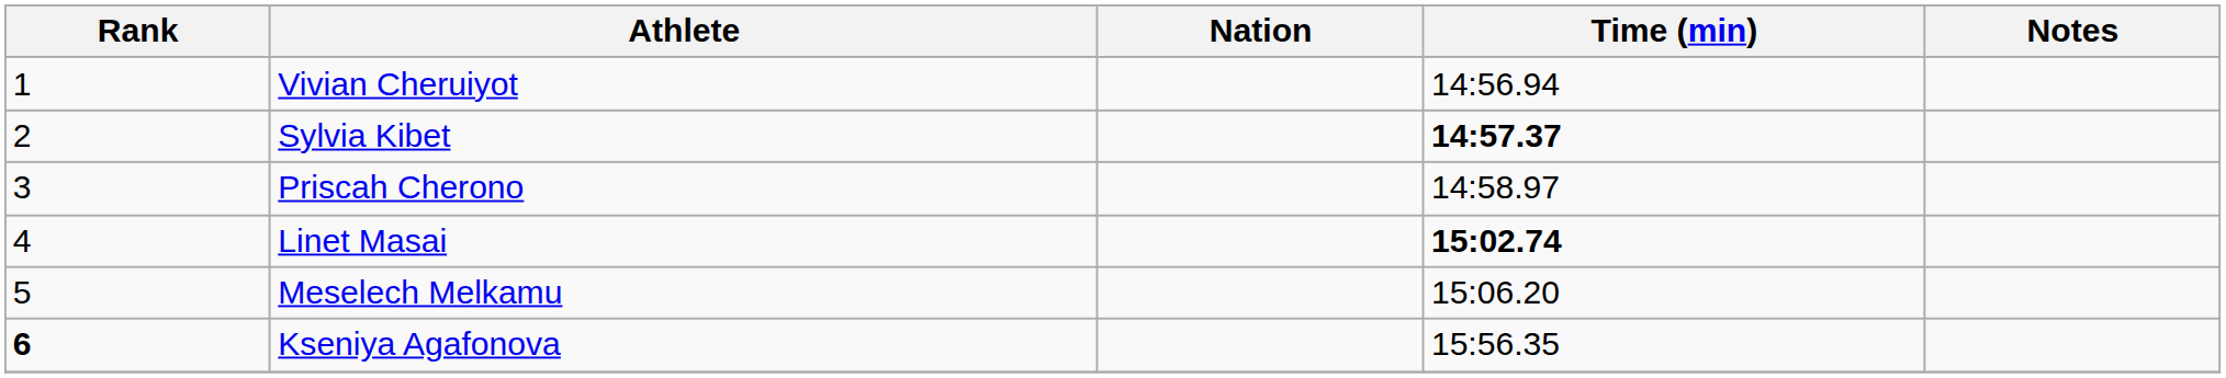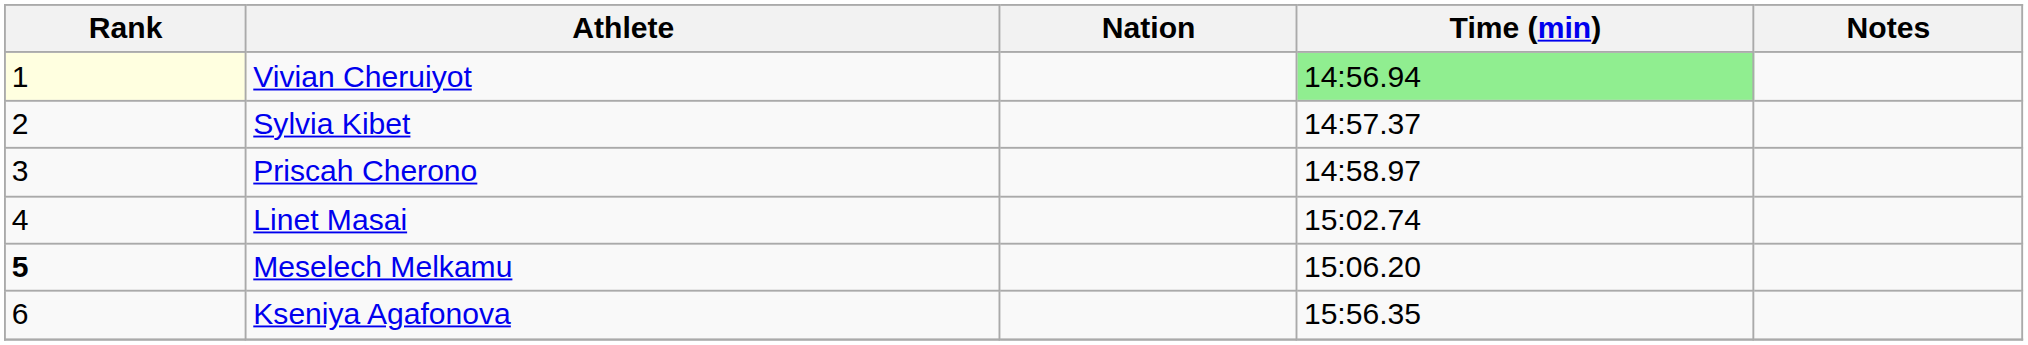 <table class="wikitable" style="text=align:center;" width=85%>
 <tr>
 <th>Rank</th>
 <th>Athlete</th>
 <th>Nation</th>
 <th>Time (<a href='#'>min</a>)</th>
 <th>Notes</th>
 </tr>
 <tr>
-<td>1</td>
+<td style="background: lightyellow;">1</td>
 <td><a href='#'>Vivian Cheruiyot</a></td>
 <td></td>
-<td>14:56.94</td>
+<td style="background: lightgreen;">14:56.94</td>
 <td></td>
 </tr>
 <tr>
 <td>2</td>
 <td><a href='#'>Sylvia Kibet</a></td>
 <td></td>
-<td><strong>14:57.37</strong></td>
+<td>14:57.37</td>
 <td></td>
 </tr>
 <tr>
 <td>3</td>
 <td><a href='#'>Priscah Cherono</a></td>
 <td></td>
 <td>14:58.97</td>
 <td></td>
 </tr>
 <tr>
 <td>4</td>
 <td><a href='#'>Linet Masai</a></td>
 <td></td>
-<td><strong>15:02.74</strong></td>
+<td>15:02.74</td>
 <td></td>
 </tr>
 <tr>
-<td>5</td>
+<td><strong>5</strong></td>
 <td><a href='#'>Meselech Melkamu</a></td>
 <td></td>
 <td>15:06.20</td>
 <td></td>
 </tr>
 <tr>
-<td><strong>6</strong></td>
+<td>6</td>
 <td><a href='#'>Kseniya Agafonova</a></td>
 <td></td>
 <td>15:56.35</td>
 <td></td>
 </tr>
 <tr>
 </tr>
 </table>
